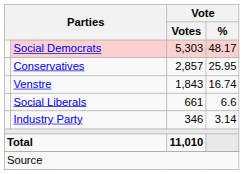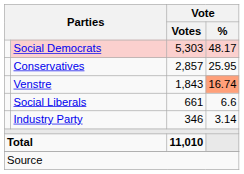 <table class="wikitable" style="text-align:right;">
 <tr>
 <th style="text-align:centre;" rowspan="2" colspan="2" width="225">Parties</th>
 <th colspan="3">Vote</th>
 </tr>
 <tr>
 <th width="15">Votes</th>
 <th width="15">%</th>
 </tr>
 <tr>
 <td width="2" style="color:inherit;background:"></td>
 <td bgcolor=#fbd0ce  align="left"><a href='#'>Social Democrats</a></td>
 <td bgcolor=#fbd0ce>5,303</td>
 <td bgcolor=#fbd0ce>48.17</td>
 </tr>
 <tr>
 <td width="2" style="color:inherit;background:"></td>
 <td align="left"><a href='#'>Conservatives</a></td>
 <td>2,857</td>
 <td>25.95</td>
 </tr>
 <tr>
 <td width="2" style="color:inherit;background:"></td>
 <td align="left"><a href='#'>Venstre</a></td>
 <td>1,843</td>
-<td>16.74</td>
+<td style="background: lightsalmon;">16.74</td>
 </tr>
 <tr>
 <td width="2" style="color:inherit;background:"></td>
 <td align="left"><a href='#'>Social Liberals</a></td>
 <td>661</td>
 <td>6.6</td>
 </tr>
 <tr>
 <td width="2" style="color:inherit;background:"></td>
 <td align="left"><a href='#'>Industry Party</a></td>
 <td>346</td>
 <td>3.14</td>
 </tr>
 <tr>
 <td colspan="7" bgcolor="#E9E9E9"></td>
 </tr>
 <tr>
 <td align="left" colspan="2"><strong>Total</strong></td>
 <td><strong>11,010</strong></td>
 <td bgcolor="#E9E9E9" colspan="2"></td>
 </tr>
 <tr>
 </tr>
 <tr>
 <td align="left" colspan="6">Source</td>
 </tr>
 </table>
